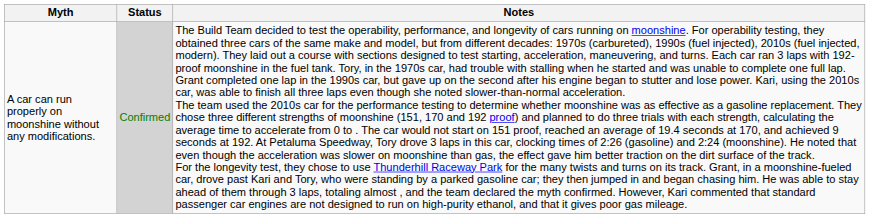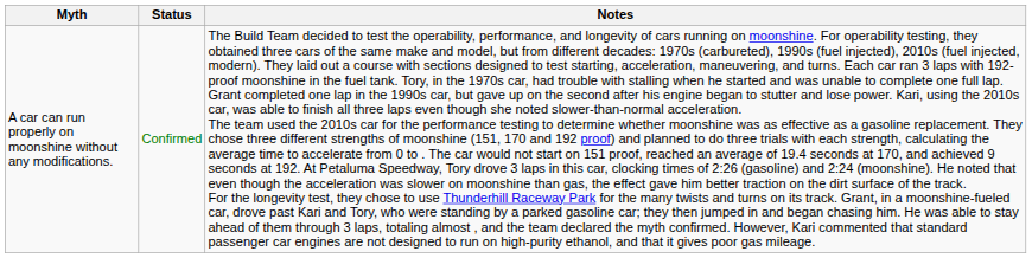 <table class="wikitable plainrowheaders">
 <tr>
 <th scope"col">Myth</th>
 <th scope"col">Status</th>
 <th scope"col">Notes</th>
 </tr>
 <tr>
 <td scope"row">A car can run properly on moonshine without any modifications.</td>
-<td style="background: lightgrey; color:green">Confirmed</td>
+<td style="color:green">Confirmed</td>
 <td>The Build Team decided to test the operability, performance, and longevity of cars running on <a href='#'>moonshine</a>. For operability testing, they obtained three cars of the same make and model, but from different decades: 1970s (carbureted), 1990s (fuel injected), 2010s (fuel injected, modern). They laid out a course with sections designed to test starting, acceleration, maneuvering, and turns. Each car ran 3 laps with 192-proof moonshine in the fuel tank. Tory, in the 1970s car, had trouble with stalling when he started and was unable to complete one full lap. Grant completed one lap in the 1990s car, but gave up on the second after his engine began to stutter and lose power. Kari, using the 2010s car, was able to finish all three laps even though she noted slower-than-normal acceleration.<br>The team used the 2010s car for the performance testing to determine whether moonshine was as effective as a gasoline replacement. They chose three different strengths of moonshine (151, 170 and 192 <a href='#'>proof</a>) and planned to do three trials with each strength, calculating the average time to accelerate from 0 to . The car would not start on 151 proof, reached an average of 19.4 seconds at 170, and achieved 9 seconds at 192. At Petaluma Speedway, Tory drove 3 laps in this car, clocking times of 2:26 (gasoline) and 2:24 (moonshine). He noted that even though the acceleration was slower on moonshine than gas, the effect gave him better traction on the dirt surface of the track.<br>For the longevity test, they chose to use <a href='#'>Thunderhill Raceway Park</a> for the many twists and turns on its track. Grant, in a moonshine-fueled car, drove past Kari and Tory, who were standing by a parked gasoline car; they then jumped in and began chasing him. He was able to stay ahead of them through 3 laps, totaling almost , and the team declared the myth confirmed. However, Kari commented that standard passenger car engines are not designed to run on high-purity ethanol, and that it gives poor gas mileage.</td>
 </tr>
 </table>
